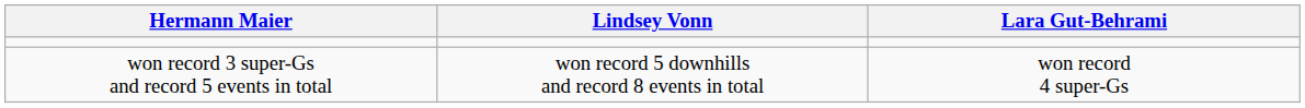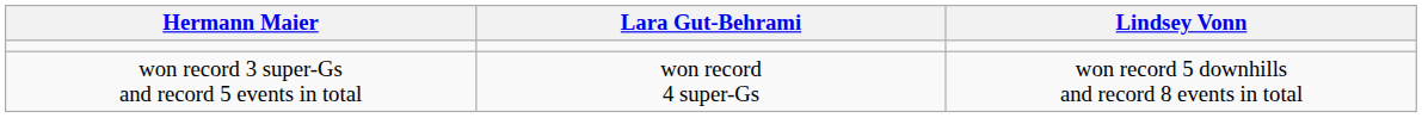 <table class="wikitable" style="text-align:center; width:80%; border:1px #AAAAFF solid">
 <tr>
 <th><a href='#'>Hermann Maier</a></th>
+<th><a href='#'>Lara Gut-Behrami</a></th>
 <th><a href='#'>Lindsey Vonn</a></th>
-<th><a href='#'>Lara Gut-Behrami</a></th>
 </tr>
 <tr>
 <td width=165></td>
 <td width=165></td>
 <td width=165></td>
 </tr>
 <tr>
 <td>won record 3 super-Gs<br>and record 5 events in total</td>
+<td>won record<br>4 super-Gs</td>
 <td>won record 5 downhills<br>and record 8 events in total</td>
-<td>won record<br>4 super-Gs</td>
 </tr>
 </table>
